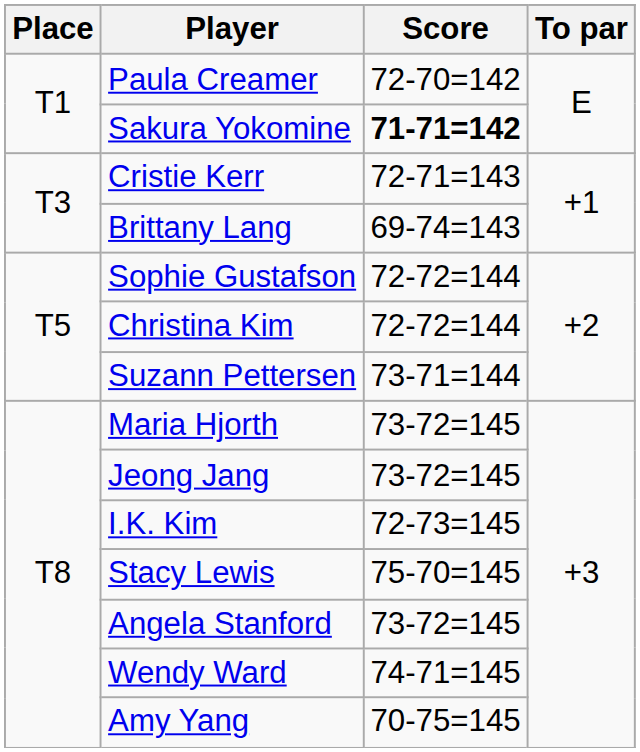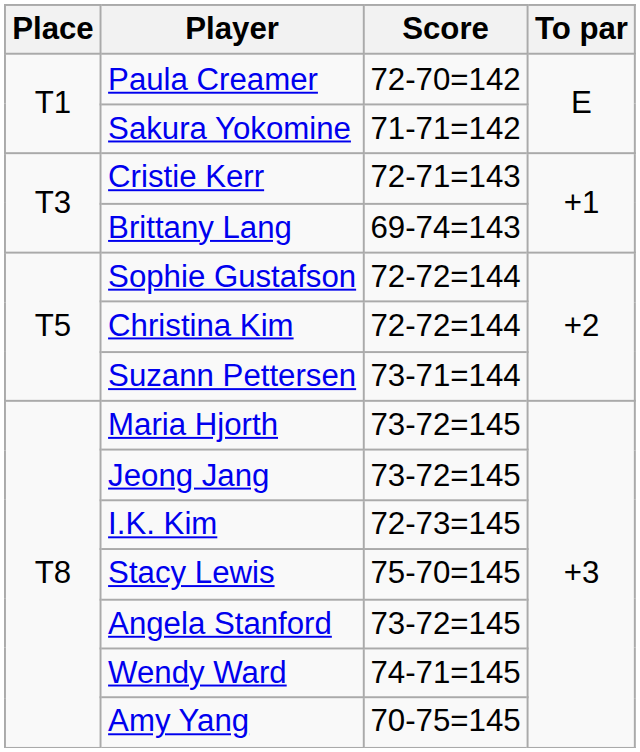 <table class="wikitable">
 <tr>
 <th>Place</th>
 <th>Player</th>
 <th>Score</th>
 <th>To par</th>
 </tr>
 <tr>
 <td rowspan="2" align=center>T1</td>
 <td> <a href='#'>Paula Creamer</a></td>
 <td align=center>72-70=142</td>
 <td rowspan="2" align=center>E</td>
 </tr>
 <tr>
 <td> <a href='#'>Sakura Yokomine</a></td>
-<td align=center><strong>71-71=142</strong></td>
+<td align=center>71-71=142</td>
 </tr>
 <tr>
 <td rowspan="2" align=center>T3</td>
 <td> <a href='#'>Cristie Kerr</a></td>
 <td align=center>72-71=143</td>
 <td rowspan="2" align=center>+1</td>
 </tr>
 <tr>
 <td> <a href='#'>Brittany Lang</a></td>
 <td align=center>69-74=143</td>
 </tr>
 <tr>
 <td rowspan="3" align=center>T5</td>
 <td> <a href='#'>Sophie Gustafson</a></td>
 <td align=center>72-72=144</td>
 <td rowspan="3" align=center>+2</td>
 </tr>
 <tr>
 <td> <a href='#'>Christina Kim</a></td>
 <td align=center>72-72=144</td>
 </tr>
 <tr>
 <td> <a href='#'>Suzann Pettersen</a></td>
 <td align=center>73-71=144</td>
 </tr>
 <tr>
 <td rowspan="7" align=center>T8</td>
 <td> <a href='#'>Maria Hjorth</a></td>
 <td align=center>73-72=145</td>
 <td rowspan="7" align=center>+3</td>
 </tr>
 <tr>
 <td> <a href='#'>Jeong Jang</a></td>
 <td align=center>73-72=145</td>
 </tr>
 <tr>
 <td> <a href='#'>I.K. Kim</a></td>
 <td align=center>72-73=145</td>
 </tr>
 <tr>
 <td> <a href='#'>Stacy Lewis</a></td>
 <td align=center>75-70=145</td>
 </tr>
 <tr>
 <td> <a href='#'>Angela Stanford</a></td>
 <td align=center>73-72=145</td>
 </tr>
 <tr>
 <td> <a href='#'>Wendy Ward</a></td>
 <td align=center>74-71=145</td>
 </tr>
 <tr>
 <td> <a href='#'>Amy Yang</a></td>
 <td align=center>70-75=145</td>
 </tr>
 </table>
